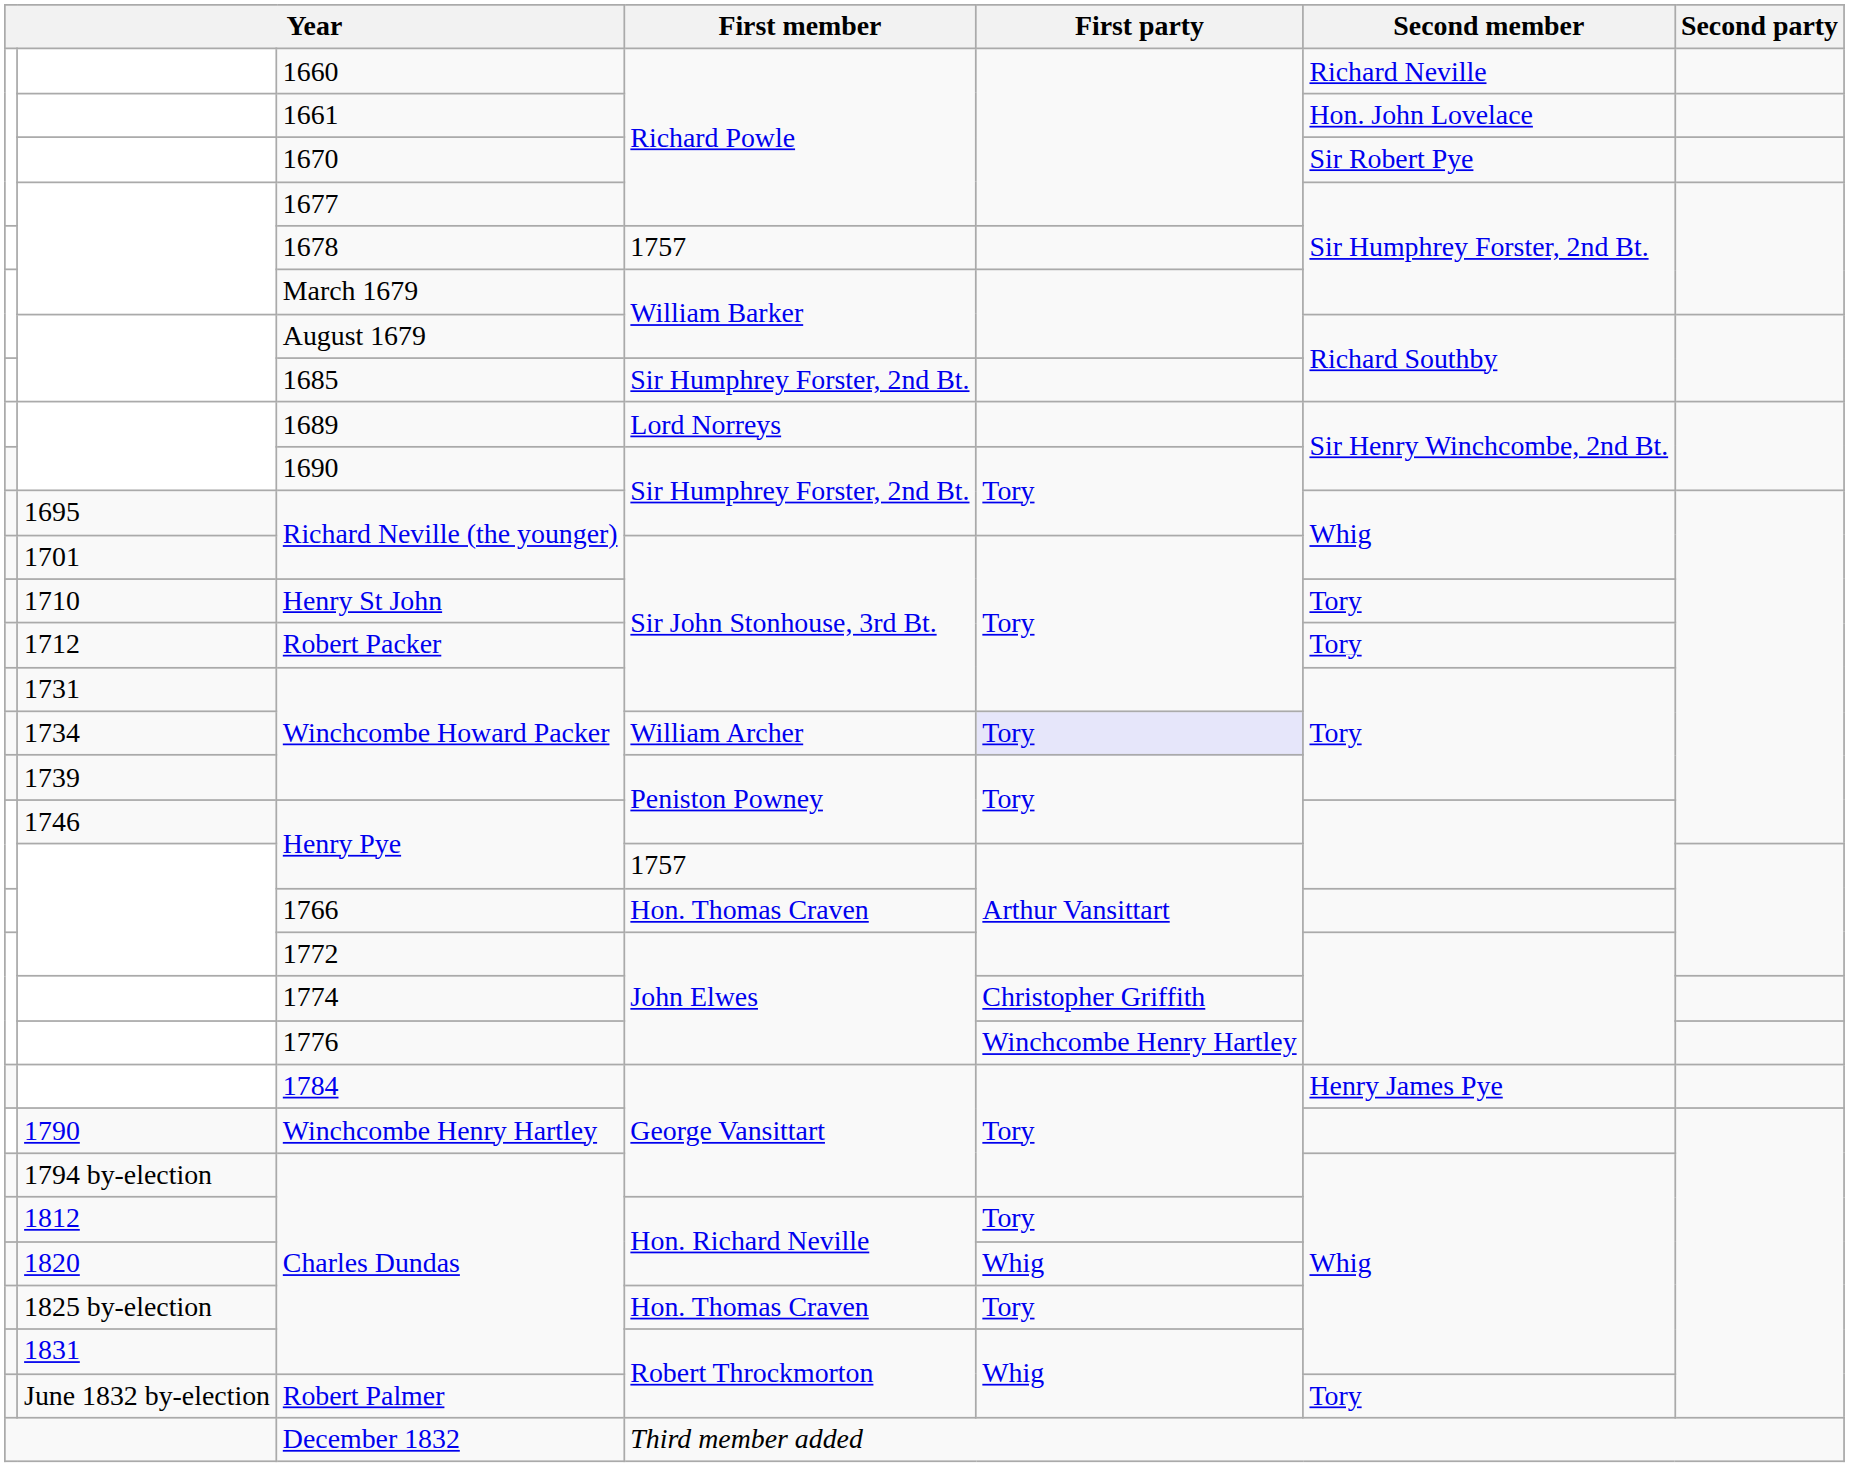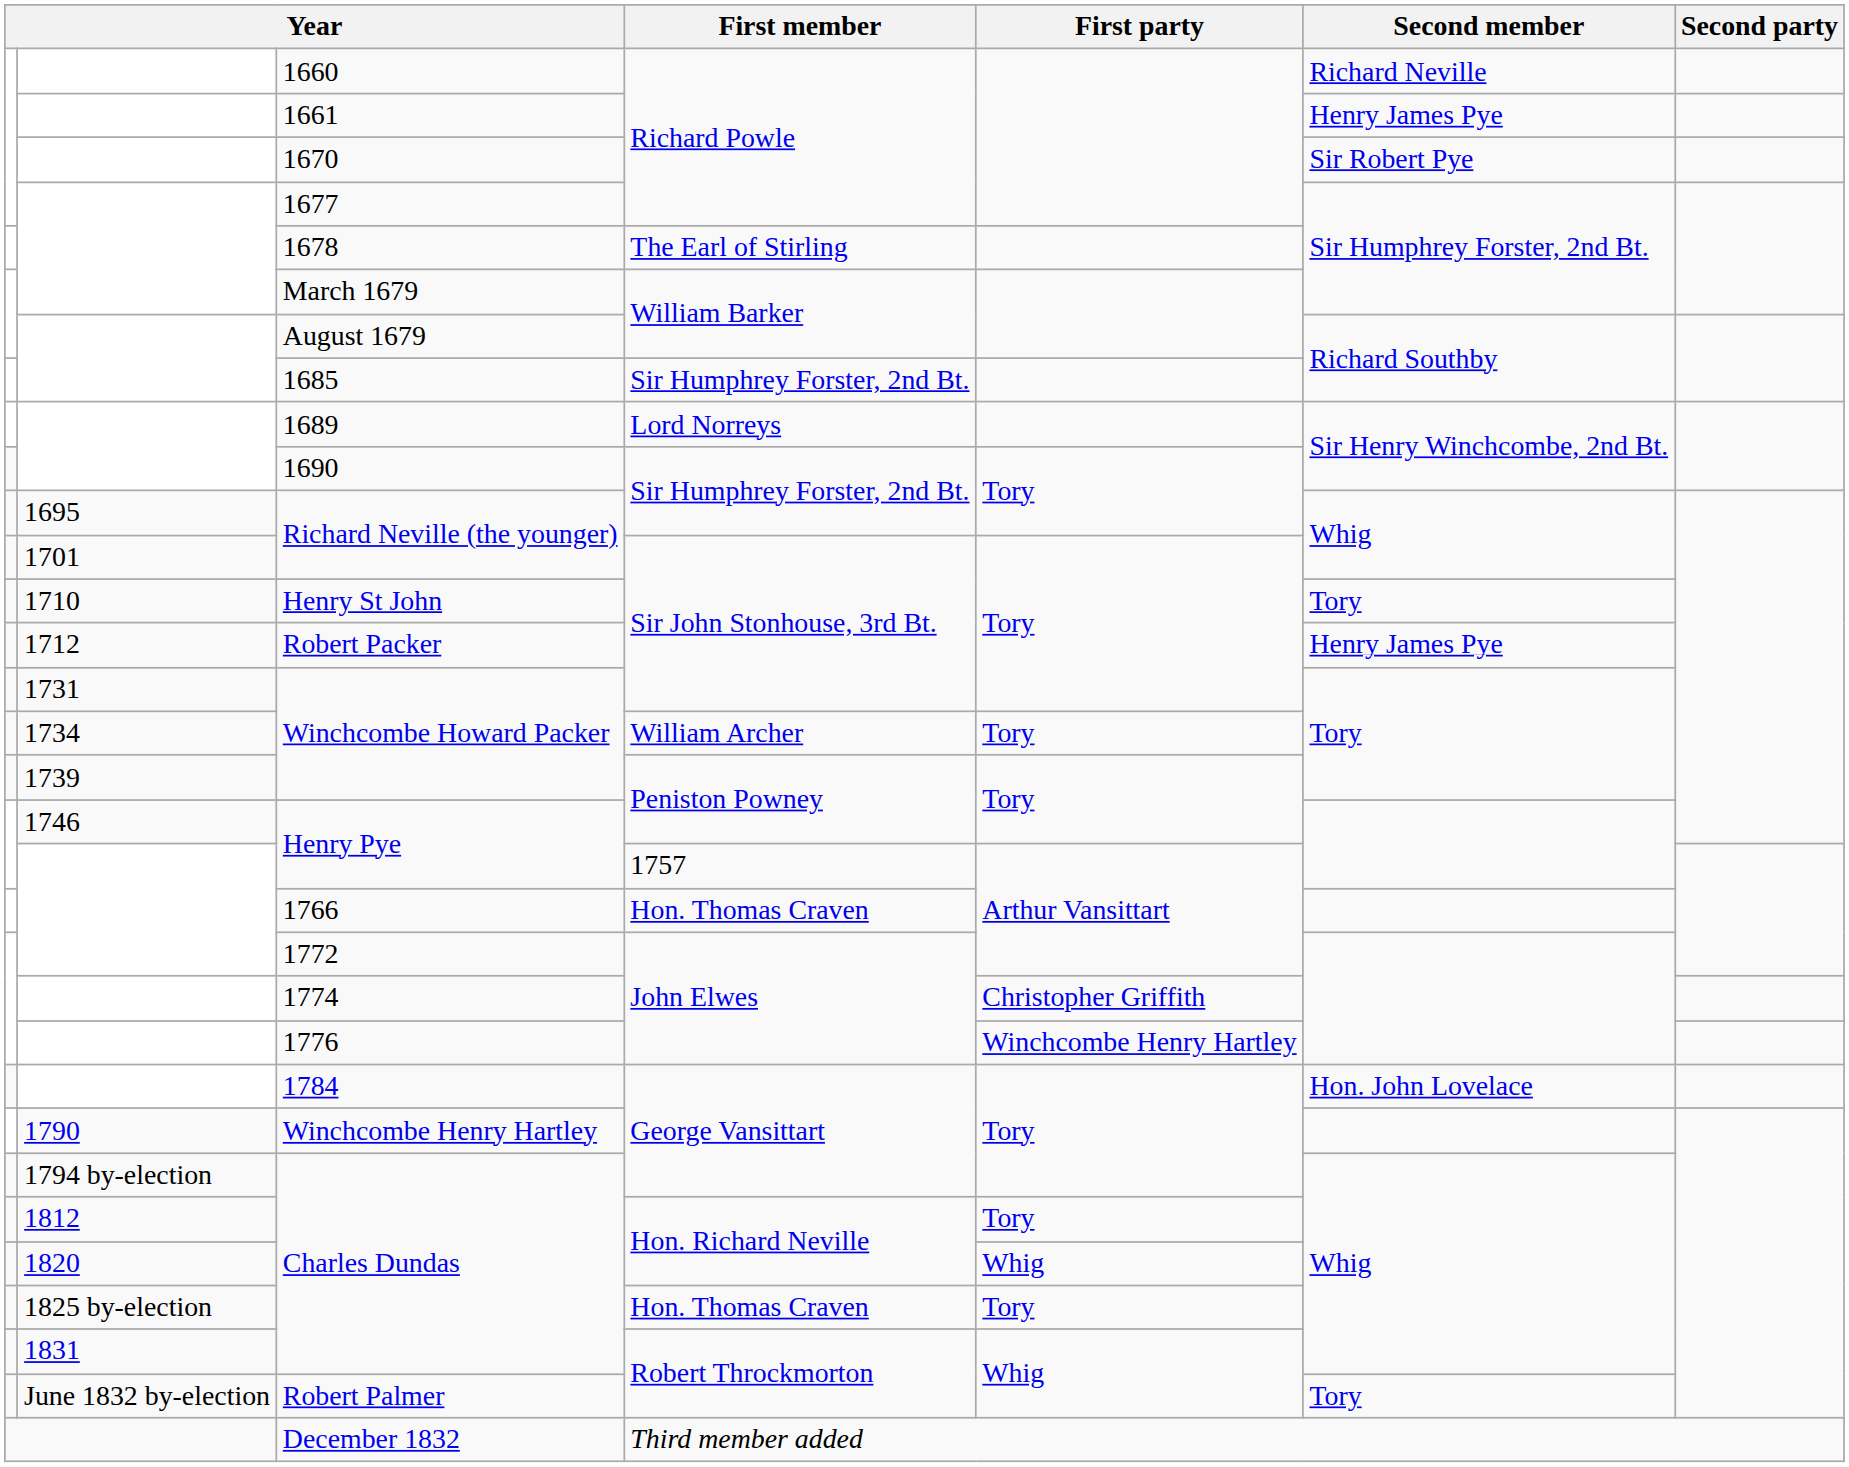 <table class="wikitable">
 <tr>
 <th colspan="3">Year</th>
 <th>First member</th>
 <th>First party</th>
 <th>Second member</th>
 <th>Second party</th>
 </tr>
 <tr>
 <td style="color:inherit;background-color: white" rowspan="4"></td>
 <td style="color:inherit;background-color: white"></td>
 <td>1660</td>
 <td rowspan="4"><a href='#'>Richard Powle</a></td>
 <td rowspan="4"></td>
 <td><a href='#'>Richard Neville</a></td>
 <td></td>
 </tr>
 <tr>
 <td style="color:inherit;background-color: white"></td>
 <td>1661</td>
-<td><a href='#'>Hon. John Lovelace</a></td>
+<td><a href='#'>Henry James Pye</a></td>
 <td></td>
 </tr>
 <tr>
 <td style="color:inherit;background-color: white"></td>
 <td>1670</td>
 <td><a href='#'>Sir Robert Pye</a></td>
 <td></td>
 </tr>
 <tr>
 <td style="color:inherit;background-color: white" rowspan="3"></td>
 <td>1677</td>
 <td rowspan="3"><a href='#'>Sir Humphrey Forster, 2nd Bt.</a></td>
 <td rowspan="3"></td>
 </tr>
 <tr>
 <td style="color:inherit;background-color: white"></td>
 <td>1678</td>
-<td>1757</td>
+<td><a href='#'>The Earl of Stirling</a></td>
 <td></td>
 </tr>
 <tr>
 <td style="color:inherit;background-color: white" rowspan="2"></td>
 <td>March 1679</td>
 <td rowspan="2"><a href='#'>William Barker</a></td>
 <td rowspan="2"></td>
 </tr>
 <tr>
 <td style="color:inherit;background-color: white" rowspan="2"></td>
 <td>August 1679</td>
 <td rowspan="2"><a href='#'>Richard Southby</a></td>
 <td rowspan="2"></td>
 </tr>
 <tr>
 <td style="color:inherit;background-color: white"></td>
 <td>1685</td>
 <td><a href='#'>Sir Humphrey Forster, 2nd Bt.</a></td>
 <td></td>
 </tr>
 <tr>
 <td style="color:inherit;background-color: white"></td>
 <td style="color:inherit;background-color: white" rowspan="2"></td>
 <td>1689</td>
 <td><a href='#'>Lord Norreys</a></td>
 <td></td>
 <td rowspan="2"><a href='#'>Sir Henry Winchcombe, 2nd Bt.</a></td>
 <td rowspan="2"></td>
 </tr>
 <tr>
 <td style="color:inherit;background-color: "></td>
 <td>1690</td>
 <td rowspan="2"><a href='#'>Sir Humphrey Forster, 2nd Bt.</a></td>
 <td rowspan="2"><a href='#'>Tory</a></td>
 </tr>
 <tr>
 <td style="color:inherit;background-color: "></td>
 <td>1695</td>
 <td rowspan="2"><a href='#'>Richard Neville (the younger)</a></td>
 <td rowspan="2"><a href='#'>Whig</a></td>
 </tr>
 <tr>
 <td style="color:inherit;background-color: "></td>
 <td>1701</td>
 <td rowspan="4"><a href='#'>Sir John Stonhouse, 3rd Bt.</a></td>
 <td rowspan="4"><a href='#'>Tory</a></td>
 </tr>
 <tr>
 <td style="color:inherit;background-color: "></td>
 <td>1710</td>
 <td><a href='#'>Henry St John</a></td>
 <td><a href='#'>Tory</a></td>
 </tr>
 <tr>
 <td style="color:inherit;background-color: "></td>
 <td>1712</td>
 <td><a href='#'>Robert Packer</a></td>
-<td><a href='#'>Tory</a></td>
+<td><a href='#'>Henry James Pye</a></td>
 </tr>
 <tr>
 <td style="color:inherit;background-color: "></td>
 <td>1731</td>
 <td rowspan="3"><a href='#'>Winchcombe Howard Packer</a></td>
 <td rowspan="3"><a href='#'>Tory</a></td>
 </tr>
 <tr>
 <td style="color:inherit;background-color: "></td>
 <td>1734</td>
 <td><a href='#'>William Archer</a></td>
-<td style="background: lavender;"><a href='#'>Tory</a></td>
+<td><a href='#'>Tory</a></td>
 </tr>
 <tr>
 <td style="color:inherit;background-color: "></td>
 <td>1739</td>
 <td rowspan="2"><a href='#'>Peniston Powney</a></td>
 <td rowspan="2"><a href='#'>Tory</a></td>
 </tr>
 <tr>
 <td style="color:inherit;background-color: white" rowspan="2"></td>
 <td>1746</td>
 <td rowspan="2"><a href='#'>Henry Pye</a></td>
 <td rowspan="2"></td>
 </tr>
 <tr>
 <td style="color:inherit;background-color: white" rowspan="3"></td>
 <td>1757</td>
 <td rowspan="3"><a href='#'>Arthur Vansittart</a></td>
 <td rowspan="3"></td>
 </tr>
 <tr>
 <td style="color:inherit;background-color: white"></td>
 <td>1766</td>
 <td><a href='#'>Hon. Thomas Craven</a></td>
 <td></td>
 </tr>
 <tr>
 <td style="color:inherit;background-color: white" rowspan="3"></td>
 <td>1772</td>
 <td rowspan="3"><a href='#'>John Elwes</a></td>
 <td rowspan="3"></td>
 </tr>
 <tr>
 <td style="color:inherit;background-color: white"></td>
 <td>1774</td>
 <td><a href='#'>Christopher Griffith</a></td>
 <td></td>
 </tr>
 <tr>
 <td style="color:inherit;background-color: white"></td>
 <td>1776</td>
 <td><a href='#'>Winchcombe Henry Hartley</a></td>
 <td></td>
 </tr>
 <tr>
 <td style="color:inherit;background-color: "></td>
 <td style="color:inherit;background-color: white"></td>
 <td><a href='#'>1784</a></td>
 <td rowspan="3"><a href='#'>George Vansittart</a></td>
 <td rowspan="3"><a href='#'>Tory</a></td>
-<td><a href='#'>Henry James Pye</a></td>
+<td><a href='#'>Hon. John Lovelace</a></td>
 <td></td>
 </tr>
 <tr>
 <td style="color:inherit;background-color: white"></td>
 <td><a href='#'>1790</a></td>
 <td><a href='#'>Winchcombe Henry Hartley</a></td>
 <td></td>
 </tr>
 <tr>
 <td style="color:inherit;background-color: "></td>
 <td>1794 by-election</td>
 <td rowspan="5"><a href='#'>Charles Dundas</a></td>
 <td rowspan="5"><a href='#'>Whig</a></td>
 </tr>
 <tr>
 <td style="color:inherit;background-color: "></td>
 <td><a href='#'>1812</a></td>
 <td rowspan="2"><a href='#'>Hon. Richard Neville</a></td>
 <td><a href='#'>Tory</a></td>
 </tr>
 <tr>
 <td style="color:inherit;background-color: "></td>
 <td><a href='#'>1820</a></td>
 <td><a href='#'>Whig</a></td>
 </tr>
 <tr>
 <td style="color:inherit;background-color: "></td>
 <td>1825 by-election</td>
 <td><a href='#'>Hon. Thomas Craven</a></td>
 <td><a href='#'>Tory</a></td>
 </tr>
 <tr>
 <td style="color:inherit;background-color: "></td>
 <td><a href='#'>1831</a></td>
 <td rowspan="2"><a href='#'>Robert Throckmorton</a></td>
 <td rowspan="2"><a href='#'>Whig</a></td>
 </tr>
 <tr>
 <td style="color:inherit;background-color: "></td>
 <td>June 1832 by-election</td>
 <td><a href='#'>Robert Palmer</a></td>
 <td><a href='#'>Tory</a></td>
 </tr>
 <tr>
 <td colspan="2"></td>
 <td><a href='#'>December 1832</a></td>
 <td colspan="4"><em>Third member added</em></td>
 </tr>
 </table>
